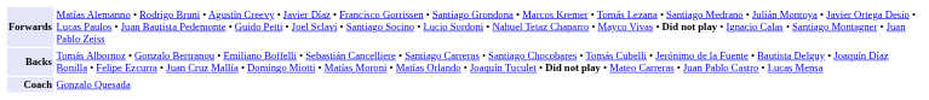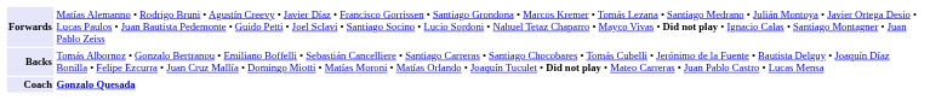 <table cellpadding="2" style="border: 1px solid white; font-size:90%;">
 <tr>
 <td style="text-align:right;" bgcolor="lavender"><strong>Forwards</strong></td>
 <td style="text-align:left;"><a href='#'>Matías Alemanno</a> • <a href='#'>Rodrigo Bruni</a> • <a href='#'>Agustín Creevy</a> • <a href='#'>Javier Díaz</a> • <a href='#'>Francisco Gorrissen</a> • <a href='#'>Santiago Grondona</a> • <a href='#'>Marcos Kremer</a> • <a href='#'>Tomás Lezana</a> • <a href='#'>Santiago Medrano</a> • <a href='#'>Julián Montoya</a> • <a href='#'>Javier Ortega Desio</a> • <a href='#'>Lucas Paulos</a> • <a href='#'>Juan Bautista Pedemonte</a> • <a href='#'>Guido Petti</a> • <a href='#'>Joel Sclavi</a> • <a href='#'>Santiago Socino</a> • <a href='#'>Lucio Sordoni</a> • <a href='#'>Nahuel Tetaz Chaparro</a> • <a href='#'>Mayco Vivas</a> • <strong>Did not play</strong> • <a href='#'>Ignacio Calas</a> • <a href='#'>Santiago Montagner</a> • <a href='#'>Juan Pablo Zeiss</a></td>
 </tr>
 <tr>
 <td style="text-align:right;" bgcolor="lavender"><strong>Backs</strong></td>
 <td style="text-align:left;"><a href='#'>Tomás Albornoz</a> • <a href='#'>Gonzalo Bertranou</a> • <a href='#'>Emiliano Boffelli</a> • <a href='#'>Sebastián Cancelliere</a> • <a href='#'>Santiago Carreras</a> • <a href='#'>Santiago Chocobares</a> • <a href='#'>Tomás Cubelli</a> • <a href='#'>Jerónimo de la Fuente</a> • <a href='#'>Bautista Delguy</a> • <a href='#'>Joaquín Díaz Bonilla</a> • <a href='#'>Felipe Ezcurra</a> • <a href='#'>Juan Cruz Mallía</a> • <a href='#'>Domingo Miotti</a> • <a href='#'>Matías Moroni</a> • <a href='#'>Matías Orlando</a> • <a href='#'>Joaquín Tuculet</a> • <strong>Did not play</strong> • <a href='#'>Mateo Carreras</a> • <a href='#'>Juan Pablo Castro</a> • <a href='#'>Lucas Mensa</a></td>
 </tr>
 <tr>
 <td style="text-align:right;" bgcolor="lavender"><strong>Coach</strong></td>
-<td style="text-align:left;"><a href='#'>Gonzalo Quesada</a></td>
+<td style="text-align:left;"><strong><a href='#'>Gonzalo Quesada</a></strong></td>
 </tr>
 </table>
